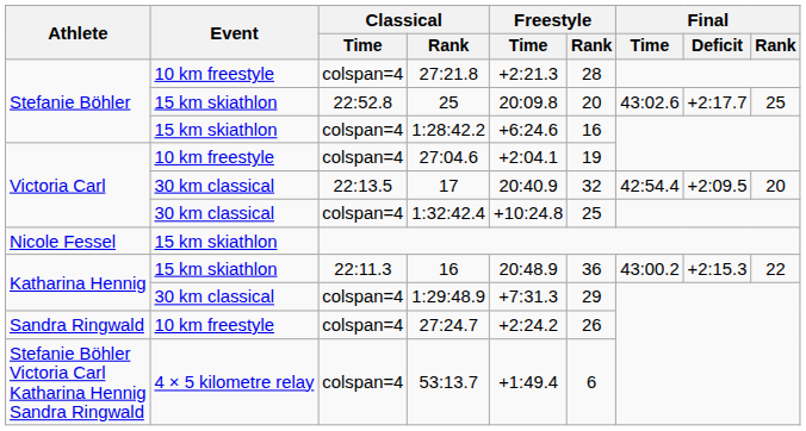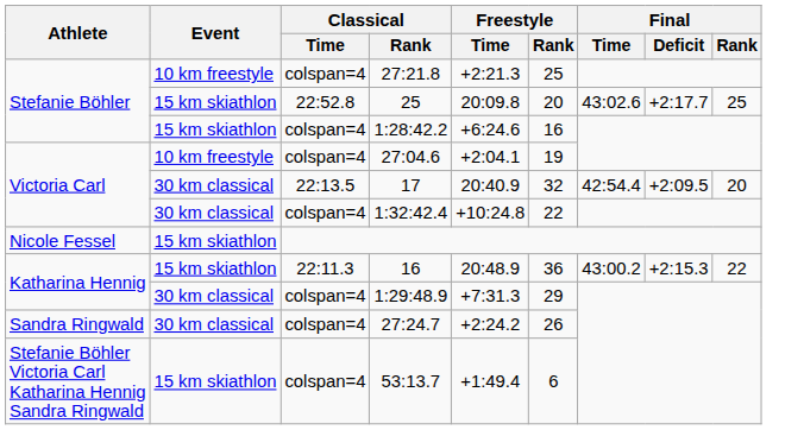 <table class="wikitable" style="font-size:90%">
 <tr>
 <th rowspan=2>Athlete</th>
 <th rowspan=2>Event</th>
 <th colspan=2>Classical</th>
 <th colspan=2>Freestyle</th>
 <th colspan=3>Final</th>
 </tr>
 <tr style="font-size: 95%">
 <th>Time</th>
 <th>Rank</th>
 <th>Time</th>
 <th>Rank</th>
 <th>Time</th>
 <th>Deficit</th>
 <th>Rank</th>
 </tr>
 <tr align=center>
 <td align=left rowspan=3><a href='#'>Stefanie Böhler</a></td>
 <td align=left><a href='#'>10 km freestyle</a></td>
 <td>colspan=4</td>
 <td>27:21.8</td>
 <td>+2:21.3</td>
-<td>28</td>
+<td>25</td>
 </tr>
 <tr align=center>
 <td align=left><a href='#'>15 km skiathlon</a></td>
 <td>22:52.8</td>
 <td>25</td>
 <td>20:09.8</td>
 <td>20</td>
 <td>43:02.6</td>
 <td>+2:17.7</td>
 <td>25</td>
 </tr>
 <tr align=center>
 <td align=left><a href='#'>15 km skiathlon</a></td>
 <td>colspan=4</td>
 <td>1:28:42.2</td>
 <td>+6:24.6</td>
 <td>16</td>
 </tr>
 <tr align=center>
 <td align=left rowspan=3><a href='#'>Victoria Carl</a></td>
 <td align=left><a href='#'>10 km freestyle</a></td>
 <td>colspan=4</td>
 <td>27:04.6</td>
 <td>+2:04.1</td>
 <td>19</td>
 </tr>
 <tr align=center>
 <td align=left><a href='#'>30 km classical</a></td>
 <td>22:13.5</td>
 <td>17</td>
 <td>20:40.9</td>
 <td>32</td>
 <td>42:54.4</td>
 <td>+2:09.5</td>
 <td>20</td>
 </tr>
 <tr align=center>
 <td align=left><a href='#'>30 km classical</a></td>
 <td>colspan=4</td>
 <td>1:32:42.4</td>
 <td>+10:24.8</td>
-<td>25</td>
+<td>22</td>
 </tr>
 <tr align=center>
 <td align=left><a href='#'>Nicole Fessel</a></td>
 <td align=left><a href='#'>15 km skiathlon</a></td>
 <td colspan=7></td>
 </tr>
 <tr align=center>
 <td align=left rowspan=2><a href='#'>Katharina Hennig</a></td>
 <td align=left><a href='#'>15 km skiathlon</a></td>
 <td>22:11.3</td>
 <td>16</td>
 <td>20:48.9</td>
 <td>36</td>
 <td>43:00.2</td>
 <td>+2:15.3</td>
 <td>22</td>
 </tr>
 <tr align=center>
 <td align=left><a href='#'>30 km classical</a></td>
 <td>colspan=4</td>
 <td>1:29:48.9</td>
 <td>+7:31.3</td>
 <td>29</td>
 </tr>
 <tr align=center>
 <td align=left><a href='#'>Sandra Ringwald</a></td>
-<td align=left><a href='#'>10 km freestyle</a></td>
+<td align=left><a href='#'>30 km classical</a></td>
 <td>colspan=4</td>
 <td>27:24.7</td>
 <td>+2:24.2</td>
 <td>26</td>
 </tr>
 <tr align=center>
 <td align=left><a href='#'>Stefanie Böhler</a><br><a href='#'>Victoria Carl</a><br><a href='#'>Katharina Hennig</a><br><a href='#'>Sandra Ringwald</a></td>
-<td align=left><a href='#'>4 × 5 kilometre relay</a></td>
+<td align=left><a href='#'>15 km skiathlon</a></td>
 <td>colspan=4</td>
 <td>53:13.7</td>
 <td>+1:49.4</td>
 <td>6</td>
 </tr>
 </table>
